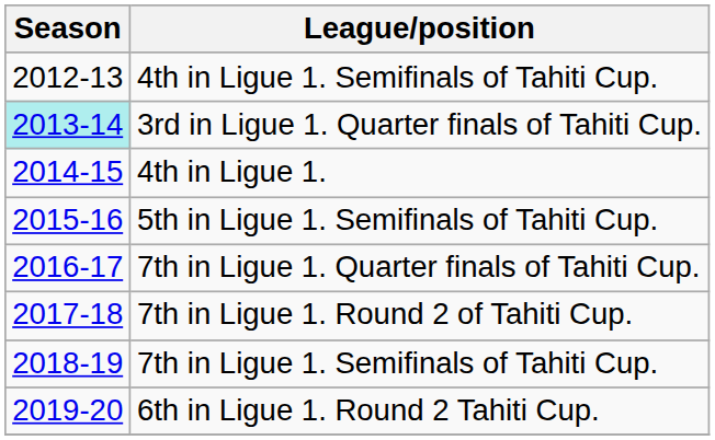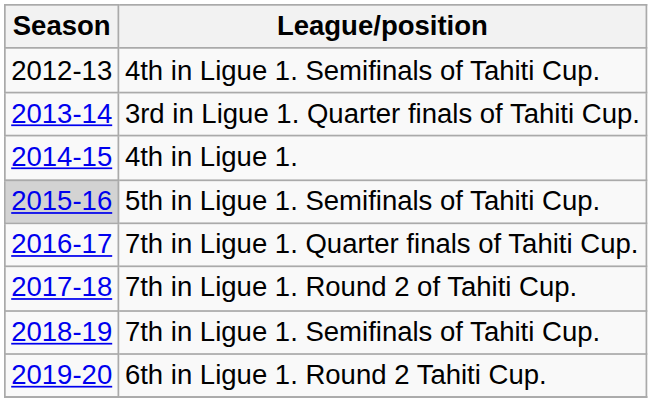 <table class="wikitable sortable">
 <tr>
 <th>Season</th>
 <th>League/position</th>
 </tr>
 <tr>
 <td>2012-13</td>
 <td>4th in Ligue 1. Semifinals of Tahiti Cup.</td>
 </tr>
 <tr>
-<td style="background: paleturquoise;"><a href='#'>2013-14</a></td>
+<td><a href='#'>2013-14</a></td>
 <td>3rd in Ligue 1. Quarter finals of Tahiti Cup.</td>
 </tr>
 <tr>
 <td><a href='#'>2014-15</a></td>
 <td>4th in Ligue 1.</td>
 </tr>
 <tr>
-<td><a href='#'>2015-16</a></td>
+<td style="background: lightgrey;"><a href='#'>2015-16</a></td>
 <td>5th in Ligue 1. Semifinals of Tahiti Cup.</td>
 </tr>
 <tr>
 <td><a href='#'>2016-17</a></td>
 <td>7th in Ligue 1. Quarter finals of Tahiti Cup.</td>
 </tr>
 <tr>
 <td><a href='#'>2017-18</a></td>
 <td>7th in Ligue 1. Round 2 of Tahiti Cup.</td>
 </tr>
 <tr>
 <td><a href='#'>2018-19</a></td>
 <td>7th in Ligue 1. Semifinals of Tahiti Cup.</td>
 </tr>
 <tr>
 <td><a href='#'>2019-20</a></td>
 <td>6th in Ligue 1. Round 2 Tahiti Cup.</td>
 </tr>
 <tr>
 </tr>
 </table>
